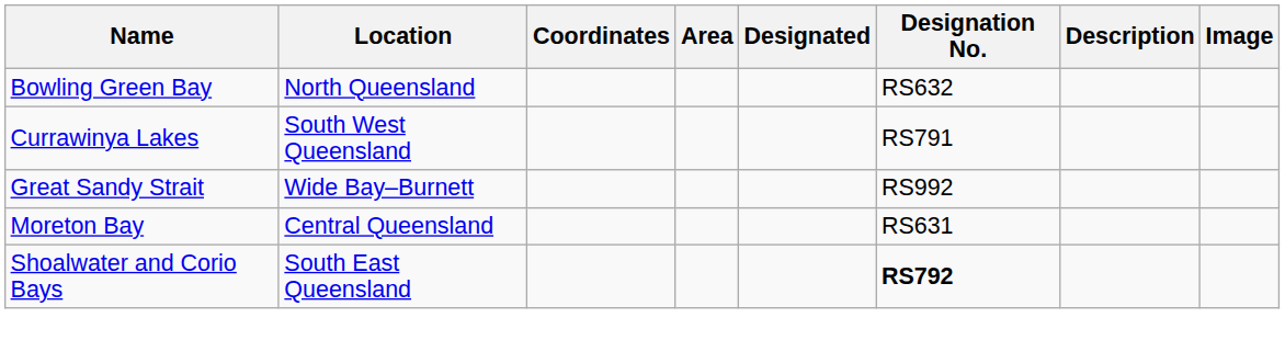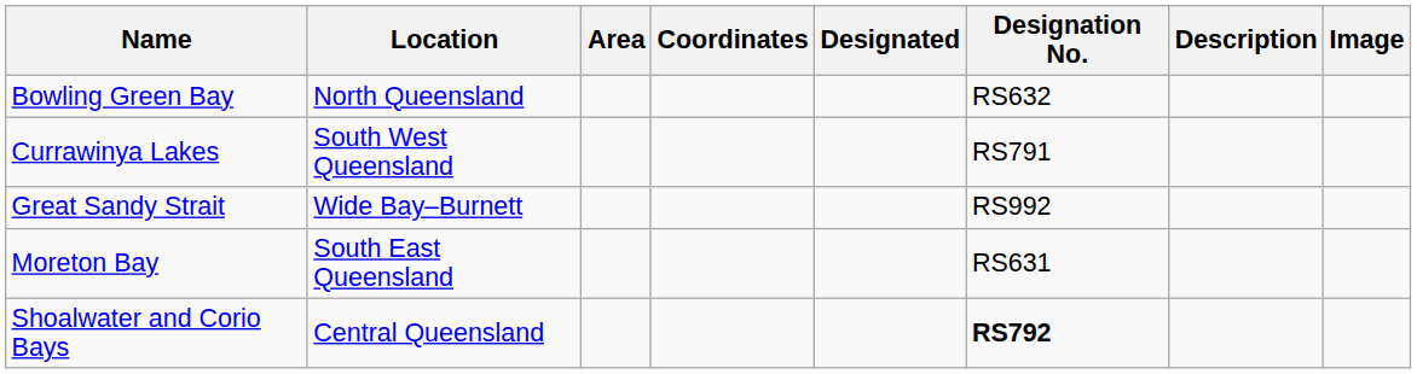 <table class="wikitable sortable">
 <tr>
 <th style="background-color:">Name</th>
 <th style="background-color:">Location</th>
+<th style="background-color:">Area</th>
 <th style="background-color:">Coordinates</th>
-<th style="background-color:">Area</th>
 <th style="background-color:">Designated</th>
 <th style="background-color:">Designation No.</th>
 <th style="background-color:">Description</th>
 <th style="background-color:">Image</th>
 </tr>
 <tr>
 <td><a href='#'>Bowling Green Bay</a></td>
 <td><a href='#'>North Queensland</a></td>
 <td></td>
 <td></td>
 <td></td>
 <td>RS632</td>
 <td></td>
 <td></td>
 </tr>
 <tr>
 <td><a href='#'>Currawinya Lakes</a></td>
 <td><a href='#'>South West Queensland</a></td>
 <td></td>
 <td></td>
 <td></td>
 <td>RS791</td>
 <td></td>
 <td></td>
 </tr>
 <tr>
 <td><a href='#'>Great Sandy Strait</a></td>
 <td><a href='#'>Wide Bay–Burnett</a></td>
 <td></td>
 <td></td>
 <td></td>
 <td>RS992</td>
 <td></td>
 <td></td>
 </tr>
 <tr>
 <td><a href='#'>Moreton Bay</a></td>
-<td><a href='#'>Central Queensland</a></td>
+<td><a href='#'>South East Queensland</a></td>
 <td></td>
 <td></td>
 <td></td>
 <td>RS631</td>
 <td></td>
 <td></td>
 </tr>
 <tr>
 <td><a href='#'>Shoalwater and Corio Bays</a></td>
-<td><a href='#'>South East Queensland</a></td>
+<td><a href='#'>Central Queensland</a></td>
 <td></td>
 <td></td>
 <td></td>
 <td><strong>RS792</strong></td>
 <td></td>
 <td></td>
 </tr>
 </table>
